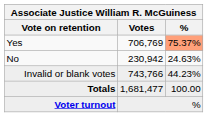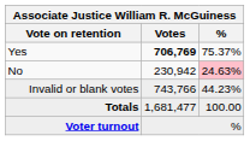 <table class="wikitable" style="font-size: 95%;">
 <tr style="background-color:#E9E9E9">
 <th colspan=7>Associate Justice William R. McGuiness</th>
 </tr>
 <tr style="background-color:#E9E9E9">
 <th style="width: 170px">Vote on retention</th>
 <th style="width: 50px">Votes</th>
 <th style="width: 40px">%</th>
 </tr>
 <tr>
 <td>Yes</td>
-<td align="right">706,769</td>
-<td align="right" style="background: lightsalmon;">75.37%</td>
+<td align="right"><strong>706,769</strong></td>
+<td align="right">75.37%</td>
 </tr>
 <tr>
 <td>No</td>
 <td align="right">230,942</td>
-<td align="right">24.63%</td>
+<td align="right" style="background: pink;">24.63%</td>
 </tr>
 <tr style="background-color:#EEEEEE">
 <td align="right">Invalid or blank votes</td>
 <td align="right">743,766</td>
 <td align="right">44.23%</td>
 </tr>
 <tr style="background-color:#EEEEEE">
 <td colspan="1" align="right"><strong>Totals</strong></td>
 <td align="right">1,681,477</td>
 <td align="right">100.00</td>
 </tr>
 <tr style="background-color:#EEEEEE">
 <td align="right"><strong><a href='#'>Voter turnout</a></strong></td>
 <td colspan="2" align="right">%</td>
 </tr>
 </table>
